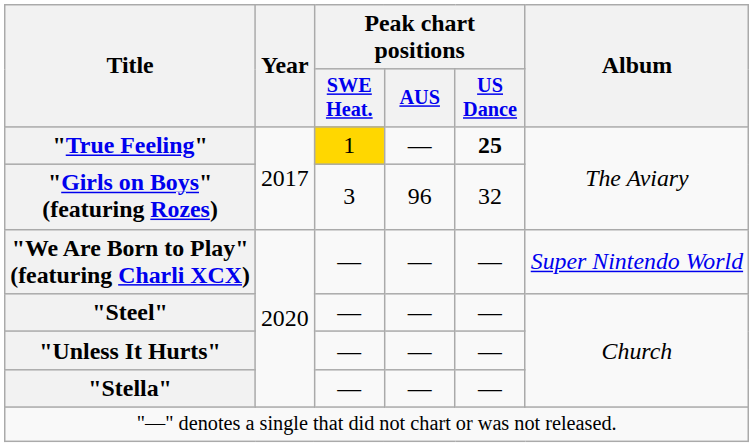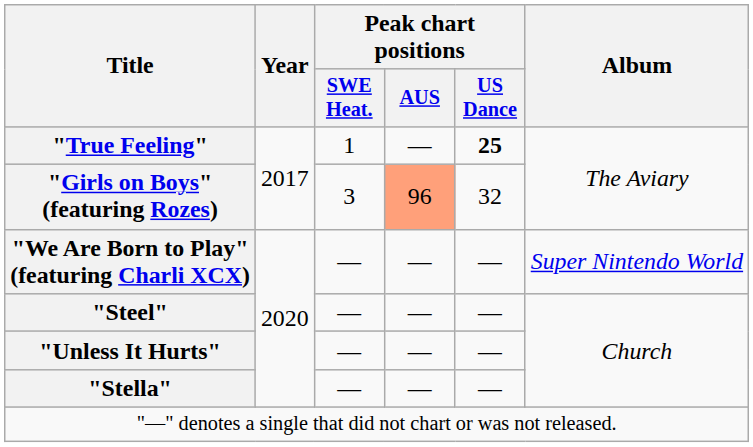 <table class="wikitable plainrowheaders" style="text-align:center;">
 <tr>
 <th scope="col" rowspan="2">Title</th>
 <th scope="col" rowspan="2">Year</th>
 <th scope="col" colspan="3">Peak chart positions</th>
 <th scope="col" rowspan="2">Album</th>
 </tr>
 <tr>
 <th scope="col" style="width:3em;font-size:85%;"><a href='#'>SWE<br>Heat.</a><br></th>
 <th scope="col" style="width:3em;font-size:85%;"><a href='#'>AUS</a><br></th>
 <th scope="col" style="width:3em;font-size:85%;"><a href='#'>US<br>Dance</a><br></th>
 </tr>
 <tr>
 <th scope="row">"<a href='#'>True Feeling</a>"</th>
 <td rowspan="2">2017</td>
-<td style="background: gold;">1</td>
+<td>1</td>
 <td>—</td>
 <td><strong>25</strong></td>
 <td rowspan="2"><em>The Aviary</em></td>
 </tr>
 <tr>
 <th scope="row">"<a href='#'>Girls on Boys</a>"<br><span>(featuring <a href='#'>Rozes</a>)</span></th>
 <td>3</td>
-<td>96</td>
+<td style="background: lightsalmon;">96</td>
 <td>32</td>
 </tr>
 <tr>
 <th scope="row">"We Are Born to Play"<br><span>(featuring <a href='#'>Charli XCX</a>)</span></th>
 <td rowspan="4">2020</td>
 <td>—</td>
 <td>—</td>
 <td>—</td>
 <td><em><a href='#'>Super Nintendo World</a></em></td>
 </tr>
 <tr>
 <th scope="row">"Steel"</th>
 <td>—</td>
 <td>—</td>
 <td>—</td>
 <td rowspan="3"><em>Church</em></td>
 </tr>
 <tr>
 <th scope="row">"Unless It Hurts"</th>
 <td>—</td>
 <td>—</td>
 <td>—</td>
 </tr>
 <tr>
 <th scope="row">"Stella"</th>
 <td>—</td>
 <td>—</td>
 <td>—</td>
 </tr>
 <tr>
 <td colspan="6" style="text-align:center; font-size:85%;">"—" denotes a single that did not chart or was not released.</td>
 </tr>
 </table>
